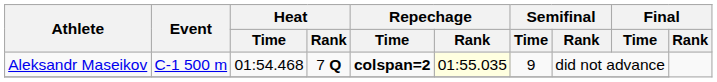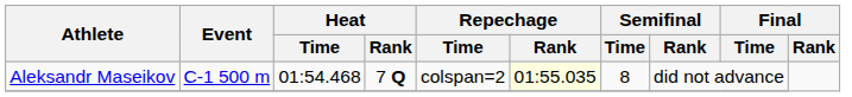 <table class=wikitable style="font-size:90%; text-align:center">
 <tr>
 <th rowspan=2>Athlete</th>
 <th rowspan=2>Event</th>
 <th colspan=2>Heat</th>
 <th colspan=2>Repechage</th>
 <th colspan=2>Semifinal</th>
 <th colspan=2>Final</th>
 </tr>
 <tr style=font-size:95%>
 <th>Time</th>
 <th>Rank</th>
 <th>Time</th>
 <th>Rank</th>
 <th>Time</th>
 <th>Rank</th>
 <th>Time</th>
 <th>Rank</th>
 </tr>
 <tr>
 <td align=left><a href='#'>Aleksandr Maseikov</a></td>
 <td align=left><a href='#'>C-1 500 m</a></td>
 <td>01:54.468</td>
 <td>7 <strong>Q</strong></td>
-<td><strong>colspan=2 </strong></td>
+<td>colspan=2 </td>
 <td style="background: lightyellow;">01:55.035</td>
-<td>9</td>
+<td>8</td>
 <td colspan=2>did not advance</td>
 </tr>
 <tr>
 </tr>
 </table>
